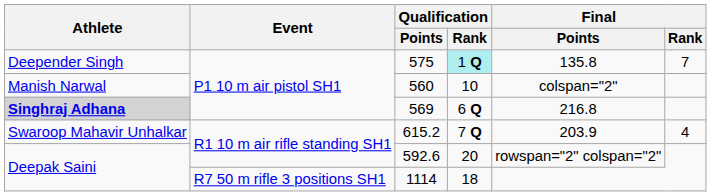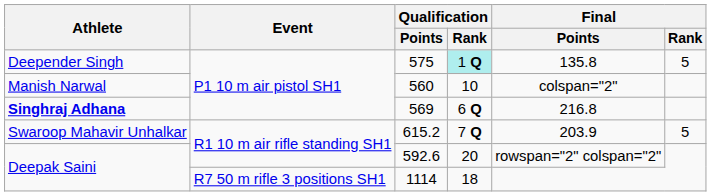 <table class=wikitable style="font-size:90%; text-align:center">
 <tr>
 <th rowspan="2">Athlete</th>
 <th rowspan="2">Event</th>
 <th colspan="2">Qualification</th>
 <th colspan="2">Final</th>
 </tr>
 <tr style="font-size:95%">
 <th>Points</th>
 <th>Rank</th>
 <th>Points</th>
 <th>Rank</th>
 </tr>
 <tr>
 <td align=left><a href='#'>Deepender Singh</a></td>
 <td rowspan=3 align=left><a href='#'>P1 10 m air pistol SH1</a></td>
 <td>575</td>
 <td style="background: paleturquoise;">1 <strong>Q</strong></td>
 <td>135.8</td>
-<td>7</td>
+<td>5</td>
 </tr>
 <tr>
 <td align=left><a href='#'>Manish Narwal</a></td>
 <td>560</td>
 <td>10</td>
 <td>colspan="2"</td>
 </tr>
 <tr>
-<td align=left style="background: lightgrey;"><strong><a href='#'>Singhraj Adhana</a></strong></td>
+<td align=left><strong><a href='#'>Singhraj Adhana</a></strong></td>
 <td>569</td>
 <td>6 <strong>Q</strong></td>
 <td>216.8</td>
 <td></td>
 </tr>
 <tr>
 <td align=left><a href='#'>Swaroop Mahavir Unhalkar</a></td>
 <td rowspan=2 align=left><a href='#'>R1 10 m air rifle standing SH1</a></td>
 <td>615.2</td>
 <td>7 <strong>Q</strong></td>
 <td>203.9</td>
-<td>4</td>
+<td>5</td>
 </tr>
 <tr>
 <td align=left rowspan=2><a href='#'>Deepak Saini</a></td>
 <td>592.6</td>
 <td>20</td>
 <td>rowspan="2" colspan="2"</td>
 </tr>
 <tr>
 <td align=left><a href='#'>R7 50 m rifle 3 positions SH1</a></td>
 <td>1114</td>
 <td>18</td>
 </tr>
 </table>
